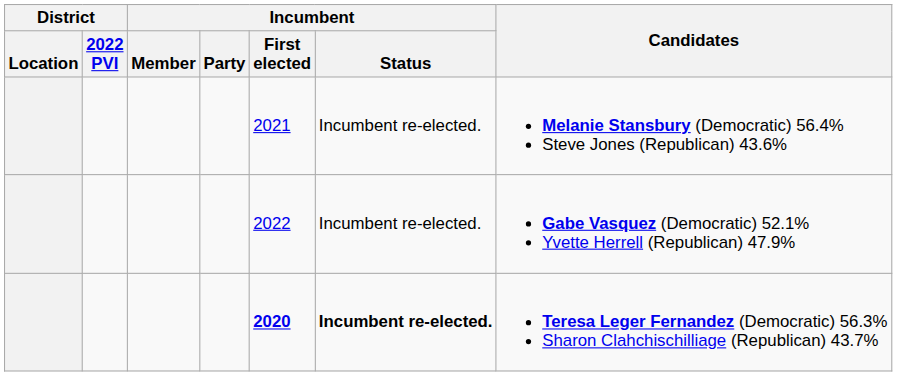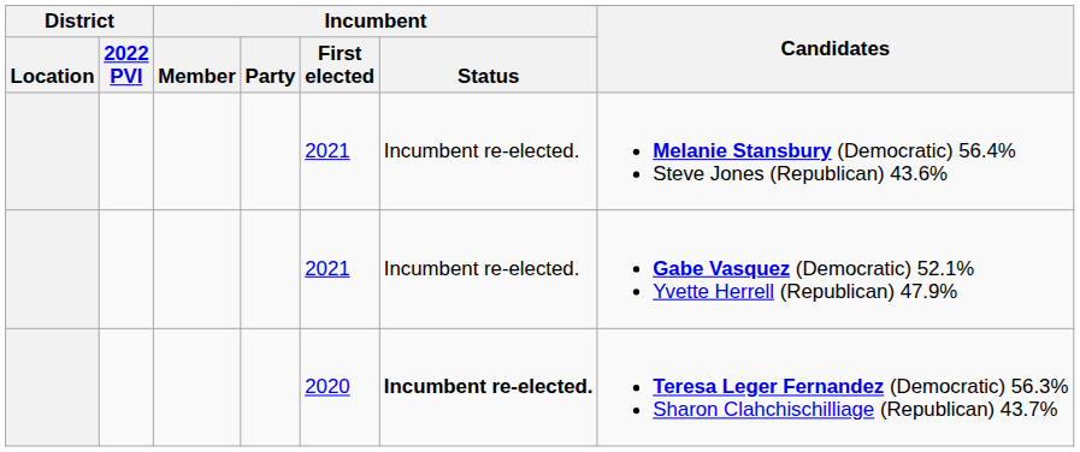 <table class="wikitable sortable">
 <tr>
 <th colspan=2>District</th>
 <th colspan=4>Incumbent</th>
 <th rowspan=2 class="unsortable">Candidates</th>
 </tr>
 <tr valign=bottom>
 <th>Location</th>
 <th><a href='#'>2022<br>PVI</a></th>
 <th>Member</th>
 <th>Party</th>
 <th>First<br>elected</th>
 <th>Status</th>
 </tr>
 <tr>
 <th></th>
 <td></td>
 <td></td>
 <td></td>
 <td><a href='#'>2021 </a></td>
 <td>Incumbent re-elected.</td>
 <td nowrap><br><ul><li> <strong><a href='#'>Melanie Stansbury</a></strong> (Democratic) 56.4%</li><li>Steve Jones (Republican) 43.6%</li></ul></td>
 </tr>
 <tr>
 <th></th>
 <td></td>
 <td></td>
 <td></td>
-<td><a href='#'>2022</a></td>
+<td><a href='#'>2021</a></td>
 <td>Incumbent re-elected.</td>
 <td nowrap><br><ul><li> <strong><a href='#'>Gabe Vasquez</a></strong> (Democratic) 52.1%</li><li><a href='#'>Yvette Herrell</a> (Republican) 47.9%</li></ul></td>
 </tr>
 <tr>
 <th></th>
 <td></td>
 <td></td>
 <td></td>
-<td><strong><a href='#'>2020</a></strong></td>
+<td><a href='#'>2020</a></td>
 <td><strong>Incumbent re-elected.</strong></td>
 <td nowrap><br><ul><li> <strong><a href='#'>Teresa Leger Fernandez</a></strong> (Democratic) 56.3%</li><li><a href='#'>Sharon Clahchischilliage</a> (Republican) 43.7%</li></ul></td>
 </tr>
 </table>
